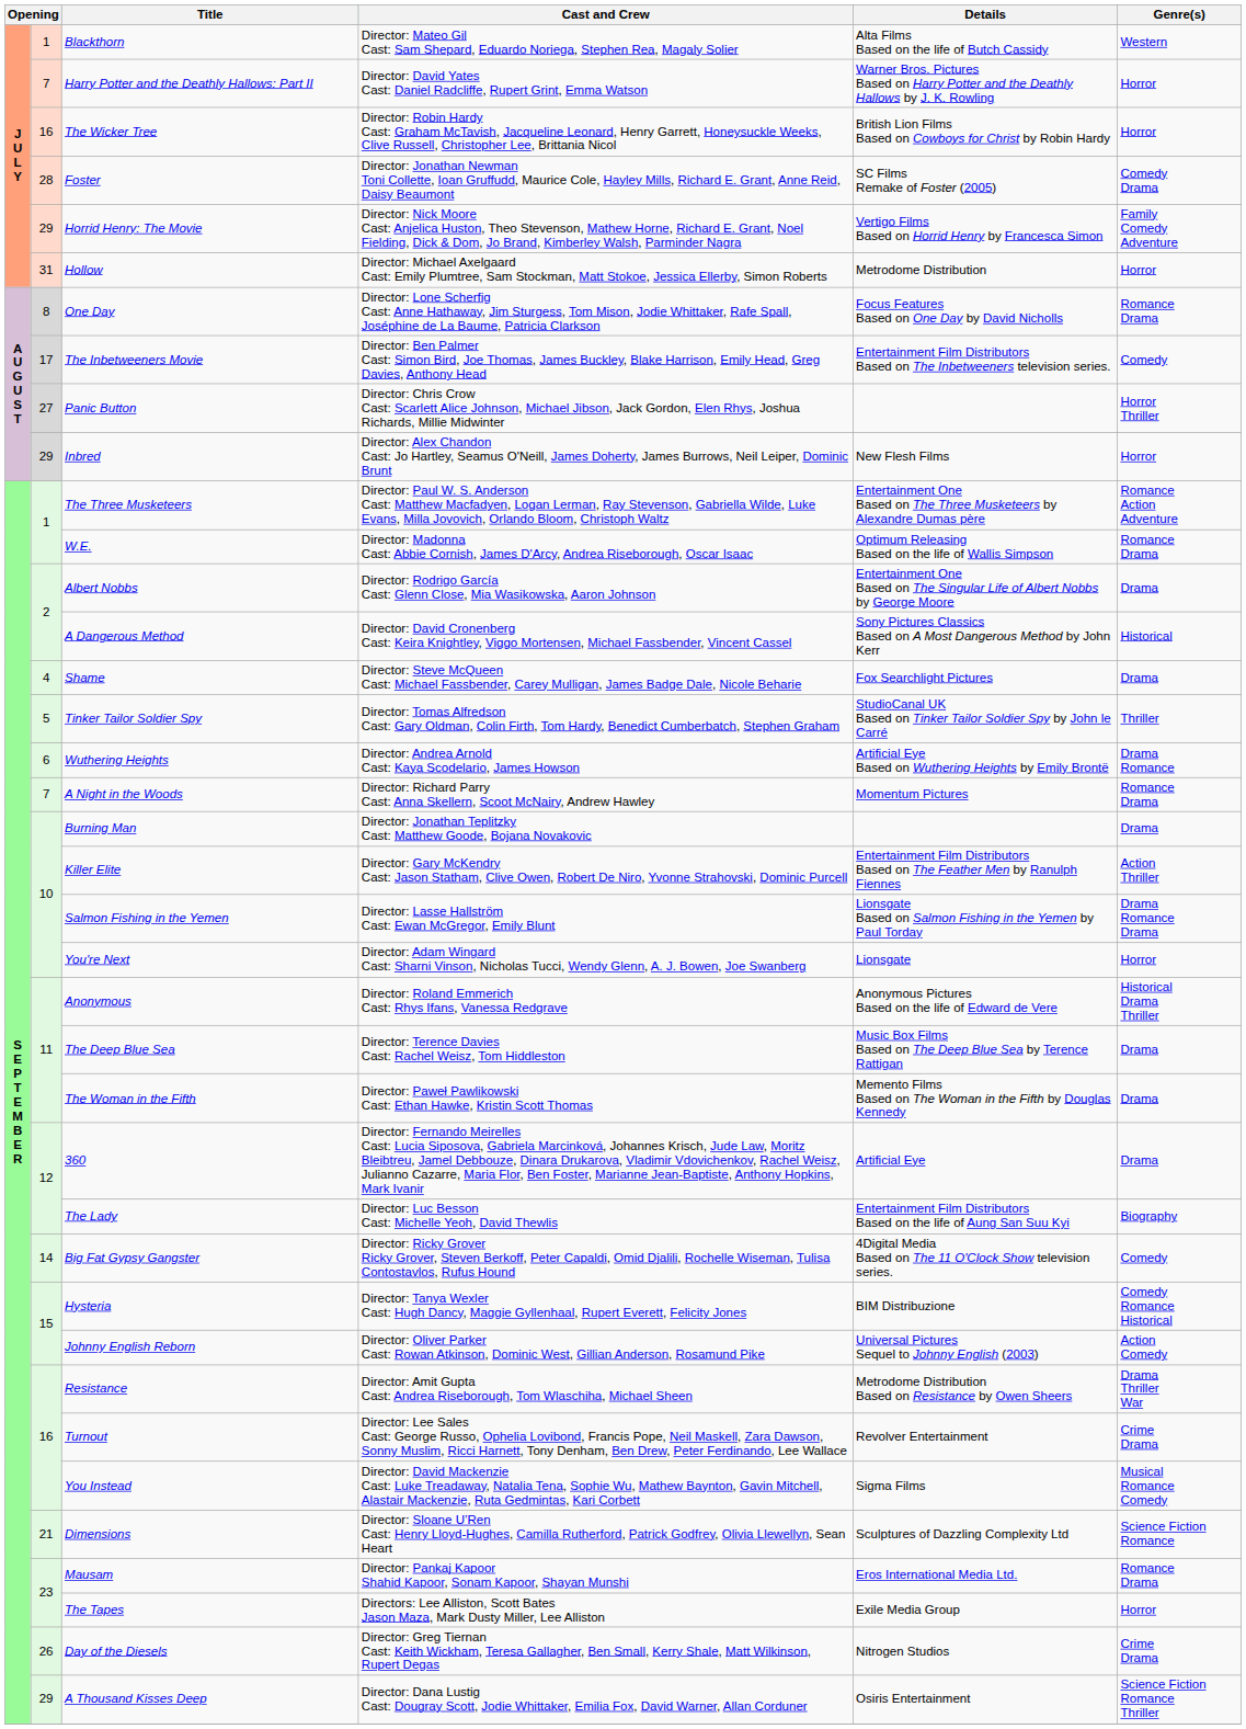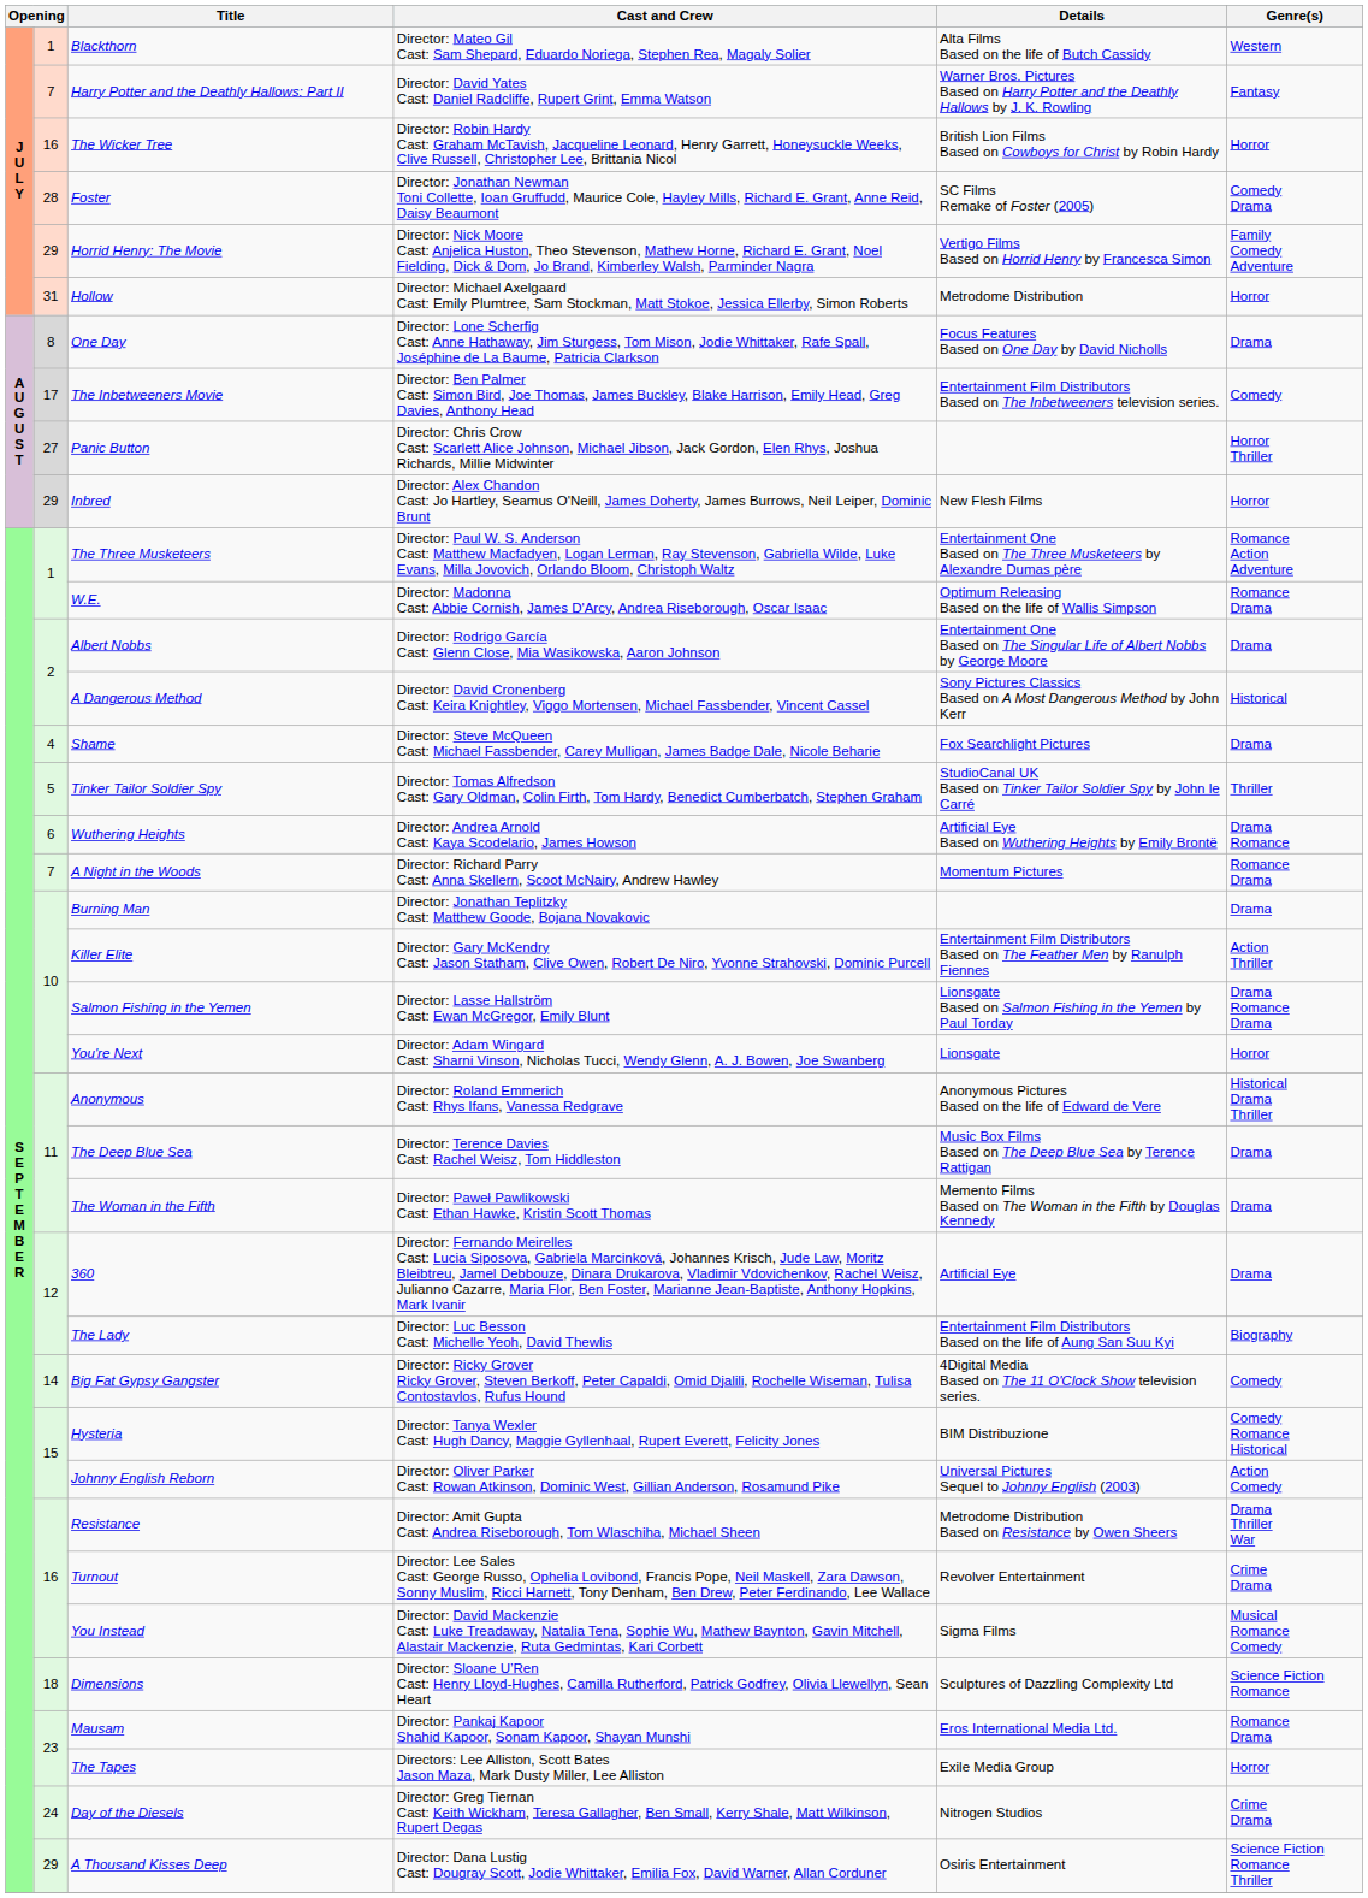 <table class="wikitable sortable plainrowheaders">
 <tr style="background:#b0e0e6; text-align:center;">
 <th colspan="2">Opening</th>
 <th style="width:24%;">Title</th>
 <th style="width:40%;">Cast and Crew</th>
 <th>Details</th>
 <th style="width:10%;">Genre(s)</th>
 </tr>
 <tr>
 <th rowspan="6" style="text-align:center; background:#ffa07a; textcolor:#000;">J <br>U <br>L <br>Y</th>
 <td rowspan="1" style="text-align:center; background:#ffdacc;">1</td>
 <td><em><a href='#'>Blackthorn</a></em></td>
 <td>Director: <a href='#'>Mateo Gil</a>  <br> Cast: <a href='#'>Sam Shepard</a>, <a href='#'>Eduardo Noriega</a>, <a href='#'>Stephen Rea</a>, <a href='#'>Magaly Solier</a></td>
 <td>Alta Films  <br> Based on the life of <a href='#'>Butch Cassidy</a></td>
 <td><a href='#'>Western</a></td>
 </tr>
 <tr>
 <td rowspan="1" style="text-align:center; background:#ffdacc;">7</td>
 <td><em><a href='#'>Harry Potter and the Deathly Hallows: Part II</a></em></td>
 <td>Director: <a href='#'>David Yates</a>  <br> Cast: <a href='#'>Daniel Radcliffe</a>, <a href='#'>Rupert Grint</a>, <a href='#'>Emma Watson</a></td>
 <td><a href='#'>Warner Bros. Pictures</a>  <br> Based on <em><a href='#'>Harry Potter and the Deathly Hallows</a></em> by <a href='#'>J. K. Rowling</a></td>
-<td><a href='#'>Horror</a></td>
+<td><a href='#'>Fantasy</a></td>
 </tr>
 <tr>
 <td rowspan="1" style="text-align:center; background:#ffdacc;">16</td>
 <td><em><a href='#'>The Wicker Tree</a></em></td>
 <td>Director: <a href='#'>Robin Hardy</a>  <br> Cast: <a href='#'>Graham McTavish</a>, <a href='#'>Jacqueline Leonard</a>, Henry Garrett, <a href='#'>Honeysuckle Weeks</a>, <a href='#'>Clive Russell</a>, <a href='#'>Christopher Lee</a>, Brittania Nicol</td>
 <td>British Lion Films  <br> Based on <em><a href='#'>Cowboys for Christ</a></em> by Robin Hardy</td>
 <td><a href='#'>Horror</a></td>
 </tr>
 <tr>
 <td rowspan="1" style="text-align:center; background:#ffdacc;">28</td>
 <td><em><a href='#'>Foster</a></em></td>
 <td>Director: <a href='#'>Jonathan Newman</a>  <br> <a href='#'>Toni Collette</a>, <a href='#'>Ioan Gruffudd</a>, Maurice Cole, <a href='#'>Hayley Mills</a>, <a href='#'>Richard E. Grant</a>, <a href='#'>Anne Reid</a>, <a href='#'>Daisy Beaumont</a></td>
 <td>SC Films  <br> Remake of <em>Foster</em> (<a href='#'>2005</a>)</td>
 <td><a href='#'>Comedy</a>  <br> <a href='#'>Drama</a></td>
 </tr>
 <tr>
 <td rowspan="1" style="text-align:center; background:#ffdacc;">29</td>
 <td><em><a href='#'>Horrid Henry: The Movie</a></em></td>
 <td>Director: <a href='#'>Nick Moore</a>  <br> Cast: <a href='#'>Anjelica Huston</a>, Theo Stevenson, <a href='#'>Mathew Horne</a>, <a href='#'>Richard E. Grant</a>, <a href='#'>Noel Fielding</a>, <a href='#'>Dick & Dom</a>, <a href='#'>Jo Brand</a>, <a href='#'>Kimberley Walsh</a>, <a href='#'>Parminder Nagra</a></td>
 <td><a href='#'>Vertigo Films</a>  <br> Based on <em><a href='#'>Horrid Henry</a></em> by <a href='#'>Francesca Simon</a></td>
 <td><a href='#'>Family</a>  <br> <a href='#'>Comedy</a>  <br> <a href='#'>Adventure</a></td>
 </tr>
 <tr>
 <td rowspan="1" style="text-align:center; background:#ffdacc;">31</td>
 <td><em><a href='#'>Hollow</a></em></td>
 <td>Director: Michael Axelgaard <br> Cast: Emily Plumtree, Sam Stockman, <a href='#'>Matt Stokoe</a>, <a href='#'>Jessica Ellerby</a>, Simon Roberts</td>
 <td>Metrodome Distribution</td>
 <td><a href='#'>Horror</a></td>
 </tr>
 <tr>
 <th rowspan="4" style="text-align:center; background:thistle; textcolor:#000;">A <br>U <br>G <br>U <br>S <br>T</th>
 <td rowspan="1" style="text-align:center; background:#d8d8d8;">8</td>
 <td><em><a href='#'>One Day</a></em></td>
 <td>Director: <a href='#'>Lone Scherfig</a>  <br> Cast: <a href='#'>Anne Hathaway</a>, <a href='#'>Jim Sturgess</a>, <a href='#'>Tom Mison</a>, <a href='#'>Jodie Whittaker</a>, <a href='#'>Rafe Spall</a>, <a href='#'>Joséphine de La Baume</a>, <a href='#'>Patricia Clarkson</a></td>
 <td><a href='#'>Focus Features</a>  <br> Based on <em><a href='#'>One Day</a></em> by <a href='#'>David Nicholls</a></td>
-<td><a href='#'>Romance</a>  <br> <a href='#'>Drama</a></td>
+<td><a href='#'>Drama</a></td>
 </tr>
 <tr>
 <td rowspan="1" style="text-align:center; background:#d8d8d8;">17</td>
 <td><em><a href='#'>The Inbetweeners Movie</a></em></td>
 <td>Director: <a href='#'>Ben Palmer</a>  <br> Cast: <a href='#'>Simon Bird</a>, <a href='#'>Joe Thomas</a>, <a href='#'>James Buckley</a>, <a href='#'>Blake Harrison</a>, <a href='#'>Emily Head</a>, <a href='#'>Greg Davies</a>, <a href='#'>Anthony Head</a></td>
 <td><a href='#'>Entertainment Film Distributors</a>  <br> Based on <em><a href='#'>The Inbetweeners</a></em> television series.</td>
 <td><a href='#'>Comedy</a></td>
 </tr>
 <tr>
 <td rowspan="1" style="text-align:center; background:#d8d8d8;">27</td>
 <td><em><a href='#'>Panic Button</a></em></td>
 <td>Director: Chris Crow  <br> Cast: <a href='#'>Scarlett Alice Johnson</a>, <a href='#'>Michael Jibson</a>, Jack Gordon, <a href='#'>Elen Rhys</a>, Joshua Richards, Millie Midwinter</td>
 <td></td>
 <td><a href='#'>Horror</a>  <br> <a href='#'>Thriller</a></td>
 </tr>
 <tr>
 <td rowspan="1" style="text-align:center; background:#d8d8d8;">29</td>
 <td><em><a href='#'>Inbred</a></em></td>
 <td>Director: <a href='#'>Alex Chandon</a>  <br> Cast: Jo Hartley, Seamus O'Neill, <a href='#'>James Doherty</a>, James Burrows, Neil Leiper, <a href='#'>Dominic Brunt</a></td>
 <td>New Flesh Films</td>
 <td><a href='#'>Horror</a></td>
 </tr>
 <tr>
 <th rowspan="28" style="text-align:center; background:#98fb98; textcolor:#000;">S<br>E<br>P<br>T<br>E<br>M<br>B<br>E<br>R</th>
 <td rowspan="2" style="text-align:center; background:#e0f9e0;">1</td>
 <td><em><a href='#'>The Three Musketeers</a></em></td>
 <td>Director: <a href='#'>Paul W. S. Anderson</a>  <br> Cast: <a href='#'>Matthew Macfadyen</a>, <a href='#'>Logan Lerman</a>, <a href='#'>Ray Stevenson</a>, <a href='#'>Gabriella Wilde</a>, <a href='#'>Luke Evans</a>, <a href='#'>Milla Jovovich</a>, <a href='#'>Orlando Bloom</a>, <a href='#'>Christoph Waltz</a></td>
 <td><a href='#'>Entertainment One</a>  <br> Based on <em><a href='#'>The Three Musketeers</a></em> by <a href='#'>Alexandre Dumas père</a></td>
 <td><a href='#'>Romance</a>  <br> <a href='#'>Action</a>  <br> <a href='#'>Adventure</a></td>
 </tr>
 <tr>
 <td><em><a href='#'>W.E.</a></em></td>
 <td>Director: <a href='#'>Madonna</a>  <br> Cast: <a href='#'>Abbie Cornish</a>, <a href='#'>James D'Arcy</a>, <a href='#'>Andrea Riseborough</a>, <a href='#'>Oscar Isaac</a></td>
 <td><a href='#'>Optimum Releasing</a>  <br> Based on the life of <a href='#'>Wallis Simpson</a></td>
 <td><a href='#'>Romance</a>  <br> <a href='#'>Drama</a></td>
 </tr>
 <tr>
 <td rowspan="2" style="text-align:center; background:#e0f9e0;">2</td>
 <td><em><a href='#'>Albert Nobbs</a></em></td>
 <td>Director: <a href='#'>Rodrigo García</a>  <br> Cast: <a href='#'>Glenn Close</a>, <a href='#'>Mia Wasikowska</a>, <a href='#'>Aaron Johnson</a></td>
 <td><a href='#'>Entertainment One</a>  <br> Based on <em><a href='#'>The Singular Life of Albert Nobbs</a></em> by <a href='#'>George Moore</a></td>
 <td><a href='#'>Drama</a></td>
 </tr>
 <tr>
 <td><em><a href='#'>A Dangerous Method</a></em></td>
 <td>Director: <a href='#'>David Cronenberg</a>  <br> Cast: <a href='#'>Keira Knightley</a>, <a href='#'>Viggo Mortensen</a>, <a href='#'>Michael Fassbender</a>, <a href='#'>Vincent Cassel</a></td>
 <td><a href='#'>Sony Pictures Classics</a>  <br> Based on <em>A Most Dangerous Method</em> by John Kerr</td>
 <td><a href='#'>Historical</a></td>
 </tr>
 <tr>
 <td rowspan="1" style="text-align:center; background:#e0f9e0;">4</td>
 <td><em><a href='#'>Shame</a></em></td>
 <td>Director: <a href='#'>Steve McQueen</a>  <br> Cast: <a href='#'>Michael Fassbender</a>, <a href='#'>Carey Mulligan</a>, <a href='#'>James Badge Dale</a>, <a href='#'>Nicole Beharie</a></td>
 <td><a href='#'>Fox Searchlight Pictures</a></td>
 <td><a href='#'>Drama</a></td>
 </tr>
 <tr>
 <td rowspan="1" style="text-align:center; background:#e0f9e0;">5</td>
 <td><em><a href='#'>Tinker Tailor Soldier Spy</a></em></td>
 <td>Director: <a href='#'>Tomas Alfredson</a>  <br> Cast: <a href='#'>Gary Oldman</a>, <a href='#'>Colin Firth</a>, <a href='#'>Tom Hardy</a>, <a href='#'>Benedict Cumberbatch</a>, <a href='#'>Stephen Graham</a></td>
 <td><a href='#'>StudioCanal UK</a>  <br> Based on <em><a href='#'>Tinker Tailor Soldier Spy</a></em> by <a href='#'>John le Carré</a></td>
 <td><a href='#'>Thriller</a></td>
 </tr>
 <tr>
 <td rowspan="1" style="text-align:center; background:#e0f9e0;">6</td>
 <td><em><a href='#'>Wuthering Heights</a></em></td>
 <td>Director: <a href='#'>Andrea Arnold</a>  <br> Cast: <a href='#'>Kaya Scodelario</a>, <a href='#'>James Howson</a></td>
 <td><a href='#'>Artificial Eye</a>  <br> Based on <em><a href='#'>Wuthering Heights</a></em> by <a href='#'>Emily Brontë</a></td>
 <td><a href='#'>Drama</a>  <br> <a href='#'>Romance</a></td>
 </tr>
 <tr>
 <td rowspan="1" style="text-align:center; background:#e0f9e0;">7</td>
 <td><em><a href='#'>A Night in the Woods</a></em></td>
 <td>Director: Richard Parry  <br> Cast: <a href='#'>Anna Skellern</a>, <a href='#'>Scoot McNairy</a>, Andrew Hawley</td>
 <td><a href='#'>Momentum Pictures</a></td>
 <td><a href='#'>Romance</a>  <br> <a href='#'>Drama</a></td>
 </tr>
 <tr>
 <td rowspan="4" style="text-align:center; background:#e0f9e0;">10</td>
 <td><em><a href='#'>Burning Man</a></em></td>
 <td>Director: <a href='#'>Jonathan Teplitzky</a>  <br> Cast: <a href='#'>Matthew Goode</a>, <a href='#'>Bojana Novakovic</a></td>
 <td></td>
 <td><a href='#'>Drama</a></td>
 </tr>
 <tr>
 <td><em><a href='#'>Killer Elite</a></em></td>
 <td>Director: <a href='#'>Gary McKendry</a>  <br> Cast: <a href='#'>Jason Statham</a>, <a href='#'>Clive Owen</a>, <a href='#'>Robert De Niro</a>, <a href='#'>Yvonne Strahovski</a>, <a href='#'>Dominic Purcell</a></td>
 <td><a href='#'>Entertainment Film Distributors</a>  <br> Based on <em><a href='#'>The Feather Men</a></em> by <a href='#'>Ranulph Fiennes</a></td>
 <td><a href='#'>Action</a>  <br> <a href='#'>Thriller</a></td>
 </tr>
 <tr>
 <td><em><a href='#'>Salmon Fishing in the Yemen</a></em></td>
 <td>Director: <a href='#'>Lasse Hallström</a>  <br> Cast: <a href='#'>Ewan McGregor</a>, <a href='#'>Emily Blunt</a></td>
 <td><a href='#'>Lionsgate</a>  <br> Based on <em><a href='#'>Salmon Fishing in the Yemen</a></em> by <a href='#'>Paul Torday</a></td>
 <td><a href='#'>Drama</a>  <br> <a href='#'>Romance</a>  <br> <a href='#'>Drama</a></td>
 </tr>
 <tr>
 <td><em><a href='#'>You're Next</a></em></td>
 <td>Director: <a href='#'>Adam Wingard</a>  <br> Cast: <a href='#'>Sharni Vinson</a>, Nicholas Tucci, <a href='#'>Wendy Glenn</a>, <a href='#'>A. J. Bowen</a>, <a href='#'>Joe Swanberg</a></td>
 <td><a href='#'>Lionsgate</a></td>
 <td><a href='#'>Horror</a></td>
 </tr>
 <tr>
 <td rowspan="3" style="text-align:center; background:#e0f9e0;">11</td>
 <td><em><a href='#'>Anonymous</a></em></td>
 <td>Director: <a href='#'>Roland Emmerich</a>  <br> Cast: <a href='#'>Rhys Ifans</a>, <a href='#'>Vanessa Redgrave</a></td>
 <td>Anonymous Pictures  <br> Based on the life of <a href='#'>Edward de Vere</a></td>
 <td><a href='#'>Historical</a>  <br> <a href='#'>Drama</a>  <br> <a href='#'>Thriller</a></td>
 </tr>
 <tr>
 <td><em><a href='#'>The Deep Blue Sea</a></em></td>
 <td>Director: <a href='#'>Terence Davies</a>  <br> Cast: <a href='#'>Rachel Weisz</a>, <a href='#'>Tom Hiddleston</a></td>
 <td><a href='#'>Music Box Films</a>  <br> Based on <em><a href='#'>The Deep Blue Sea</a></em> by <a href='#'>Terence Rattigan</a></td>
 <td><a href='#'>Drama</a></td>
 </tr>
 <tr>
 <td><em><a href='#'>The Woman in the Fifth</a></em></td>
 <td>Director: <a href='#'>Paweł Pawlikowski</a>  <br> Cast: <a href='#'>Ethan Hawke</a>, <a href='#'>Kristin Scott Thomas</a></td>
 <td>Memento Films  <br> Based on <em>The Woman in the Fifth</em> by <a href='#'>Douglas Kennedy</a></td>
 <td><a href='#'>Drama</a></td>
 </tr>
 <tr>
 <td rowspan="2" style="text-align:center; background:#e0f9e0;">12</td>
 <td><em><a href='#'>360</a></em></td>
 <td>Director: <a href='#'>Fernando Meirelles</a>  <br> Cast: <a href='#'>Lucia Siposova</a>, <a href='#'>Gabriela Marcinková</a>, Johannes Krisch, <a href='#'>Jude Law</a>, <a href='#'>Moritz Bleibtreu</a>, <a href='#'>Jamel Debbouze</a>, <a href='#'>Dinara Drukarova</a>, <a href='#'>Vladimir Vdovichenkov</a>, <a href='#'>Rachel Weisz</a>, Julianno Cazarre, <a href='#'>Maria Flor</a>, <a href='#'>Ben Foster</a>, <a href='#'>Marianne Jean-Baptiste</a>, <a href='#'>Anthony Hopkins</a>, <a href='#'>Mark Ivanir</a></td>
 <td><a href='#'>Artificial Eye</a></td>
 <td><a href='#'>Drama</a></td>
 </tr>
 <tr>
 <td><em><a href='#'>The Lady</a></em></td>
 <td>Director: <a href='#'>Luc Besson</a>  <br> Cast: <a href='#'>Michelle Yeoh</a>, <a href='#'>David Thewlis</a></td>
 <td><a href='#'>Entertainment Film Distributors</a>  <br> Based on the life of <a href='#'>Aung San Suu Kyi</a></td>
 <td><a href='#'>Biography</a></td>
 </tr>
 <tr>
 <td rowspan="1" style="text-align:center; background:#e0f9e0;">14</td>
 <td><em><a href='#'>Big Fat Gypsy Gangster</a></em></td>
 <td>Director: <a href='#'>Ricky Grover</a>  <br> <a href='#'>Ricky Grover</a>, <a href='#'>Steven Berkoff</a>, <a href='#'>Peter Capaldi</a>, <a href='#'>Omid Djalili</a>, <a href='#'>Rochelle Wiseman</a>, <a href='#'>Tulisa Contostavlos</a>, <a href='#'>Rufus Hound</a></td>
 <td>4Digital Media  <br> Based on <em><a href='#'>The 11 O'Clock Show</a></em> television series.</td>
 <td><a href='#'>Comedy</a></td>
 </tr>
 <tr>
 <td rowspan="2" style="text-align:center; background:#e0f9e0;">15</td>
 <td><em><a href='#'>Hysteria</a></em></td>
 <td>Director: <a href='#'>Tanya Wexler</a>  <br> Cast: <a href='#'>Hugh Dancy</a>, <a href='#'>Maggie Gyllenhaal</a>, <a href='#'>Rupert Everett</a>, <a href='#'>Felicity Jones</a></td>
 <td>BIM Distribuzione</td>
 <td><a href='#'>Comedy</a>  <br> <a href='#'>Romance</a>  <br> <a href='#'>Historical</a></td>
 </tr>
 <tr>
 <td><em><a href='#'>Johnny English Reborn</a></em></td>
 <td>Director: <a href='#'>Oliver Parker</a>  <br> Cast: <a href='#'>Rowan Atkinson</a>, <a href='#'>Dominic West</a>, <a href='#'>Gillian Anderson</a>, <a href='#'>Rosamund Pike</a></td>
 <td><a href='#'>Universal Pictures</a>  <br> Sequel to <em><a href='#'>Johnny English</a></em> (<a href='#'>2003</a>)</td>
 <td><a href='#'>Action</a>  <br> <a href='#'>Comedy</a></td>
 </tr>
 <tr>
 <td rowspan="3" style="text-align:center; background:#e0f9e0;">16</td>
 <td><em><a href='#'>Resistance</a></em></td>
 <td>Director: Amit Gupta  <br> Cast: <a href='#'>Andrea Riseborough</a>, <a href='#'>Tom Wlaschiha</a>, <a href='#'>Michael Sheen</a></td>
 <td>Metrodome Distribution  <br> Based on <em><a href='#'>Resistance</a></em> by <a href='#'>Owen Sheers</a></td>
 <td><a href='#'>Drama</a>  <br> <a href='#'>Thriller</a>  <br> <a href='#'>War</a></td>
 </tr>
 <tr>
 <td><em><a href='#'>Turnout</a></em></td>
 <td>Director: Lee Sales  <br> Cast: George Russo, <a href='#'>Ophelia Lovibond</a>, Francis Pope, <a href='#'>Neil Maskell</a>, <a href='#'>Zara Dawson</a>, <a href='#'>Sonny Muslim</a>, <a href='#'>Ricci Harnett</a>, Tony Denham, <a href='#'>Ben Drew</a>, <a href='#'>Peter Ferdinando</a>, Lee Wallace</td>
 <td>Revolver Entertainment</td>
 <td><a href='#'>Crime</a>  <br> <a href='#'>Drama</a></td>
 </tr>
 <tr>
 <td><em><a href='#'>You Instead</a></em></td>
 <td>Director: <a href='#'>David Mackenzie</a>  <br> Cast: <a href='#'>Luke Treadaway</a>, <a href='#'>Natalia Tena</a>, <a href='#'>Sophie Wu</a>, <a href='#'>Mathew Baynton</a>, <a href='#'>Gavin Mitchell</a>, <a href='#'>Alastair Mackenzie</a>, <a href='#'>Ruta Gedmintas</a>, <a href='#'>Kari Corbett</a></td>
 <td>Sigma Films</td>
 <td><a href='#'>Musical</a>  <br> <a href='#'>Romance</a>  <br> <a href='#'>Comedy</a></td>
 </tr>
 <tr>
-<td rowspan="1" style="text-align:center; background:#e0f9e0;">21</td>
+<td rowspan="1" style="text-align:center; background:#e0f9e0;">18</td>
 <td><em><a href='#'>Dimensions</a></em></td>
 <td>Director: <a href='#'>Sloane U’Ren</a>  <br> Cast: <a href='#'>Henry Lloyd-Hughes</a>, <a href='#'>Camilla Rutherford</a>, <a href='#'>Patrick Godfrey</a>, <a href='#'>Olivia Llewellyn</a>, Sean Heart</td>
 <td>Sculptures of Dazzling Complexity Ltd</td>
 <td><a href='#'>Science Fiction</a>  <br> <a href='#'>Romance</a></td>
 </tr>
 <tr>
 <td rowspan="2" style="text-align:center; background:#e0f9e0;">23</td>
 <td><em><a href='#'>Mausam</a></em></td>
 <td>Director: <a href='#'>Pankaj Kapoor</a>  <br> <a href='#'>Shahid Kapoor</a>, <a href='#'>Sonam Kapoor</a>, <a href='#'>Shayan Munshi</a></td>
 <td><a href='#'>Eros International Media Ltd.</a></td>
 <td><a href='#'>Romance</a>  <br> <a href='#'>Drama</a></td>
 </tr>
 <tr>
 <td><em><a href='#'>The Tapes</a></em></td>
 <td>Directors: Lee Alliston, Scott Bates  <br> <a href='#'>Jason Maza</a>, Mark Dusty Miller, Lee Alliston</td>
 <td>Exile Media Group</td>
 <td><a href='#'>Horror</a></td>
 </tr>
 <tr>
-<td rowspan="1" style="text-align:center; background:#e0f9e0;">26</td>
+<td rowspan="1" style="text-align:center; background:#e0f9e0;">24</td>
 <td><em><a href='#'>Day of the Diesels</a></em></td>
 <td>Director: Greg Tiernan  <br> Cast: <a href='#'>Keith Wickham</a>, <a href='#'>Teresa Gallagher</a>, <a href='#'>Ben Small</a>, <a href='#'>Kerry Shale</a>, <a href='#'>Matt Wilkinson</a>, <a href='#'>Rupert Degas</a></td>
 <td>Nitrogen Studios</td>
 <td><a href='#'>Crime</a>  <br> <a href='#'>Drama</a></td>
 </tr>
 <tr>
 <td rowspan="1" style="text-align:center; background:#e0f9e0;">29</td>
 <td><em><a href='#'>A Thousand Kisses Deep</a></em></td>
 <td>Director: Dana Lustig  <br> Cast: <a href='#'>Dougray Scott</a>, <a href='#'>Jodie Whittaker</a>, <a href='#'>Emilia Fox</a>, <a href='#'>David Warner</a>, <a href='#'>Allan Corduner</a></td>
 <td>Osiris Entertainment</td>
 <td><a href='#'>Science Fiction</a>  <br> <a href='#'>Romance</a>  <br> <a href='#'>Thriller</a></td>
 </tr>
 <tr>
 </tr>
 </table>
